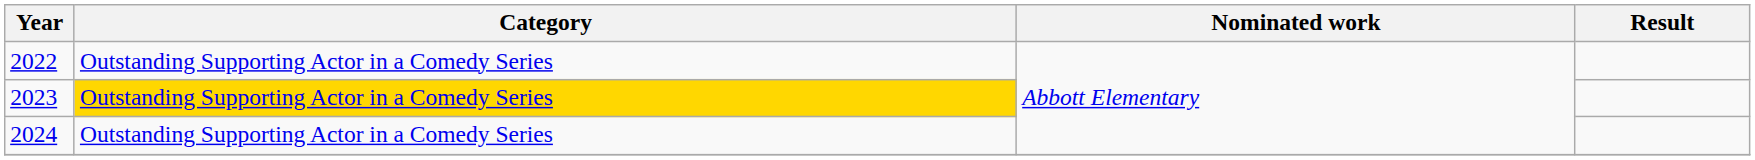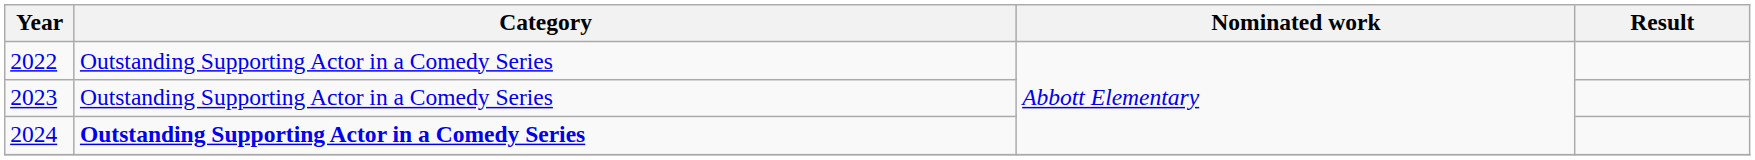 <table class="wikitable sortable" width = 75%>
 <tr>
 <th width=4%>Year</th>
 <th width=54%>Category</th>
 <th width=32%>Nominated work</th>
 <th width=10%>Result</th>
 </tr>
 <tr>
 <td><a href='#'>2022</a></td>
 <td><a href='#'>Outstanding Supporting Actor in a Comedy Series</a></td>
 <td rowspan=3><em><a href='#'>Abbott Elementary</a></em></td>
 <td></td>
 </tr>
 <tr>
 <td><a href='#'>2023</a></td>
-<td style="background: gold;"><a href='#'>Outstanding Supporting Actor in a Comedy Series</a></td>
+<td><a href='#'>Outstanding Supporting Actor in a Comedy Series</a></td>
 <td></td>
 </tr>
 <tr>
 <td><a href='#'>2024</a></td>
-<td><a href='#'>Outstanding Supporting Actor in a Comedy Series</a></td>
+<td><strong><a href='#'>Outstanding Supporting Actor in a Comedy Series</a></strong></td>
 <td></td>
 </tr>
 <tr>
 </tr>
 </table>
